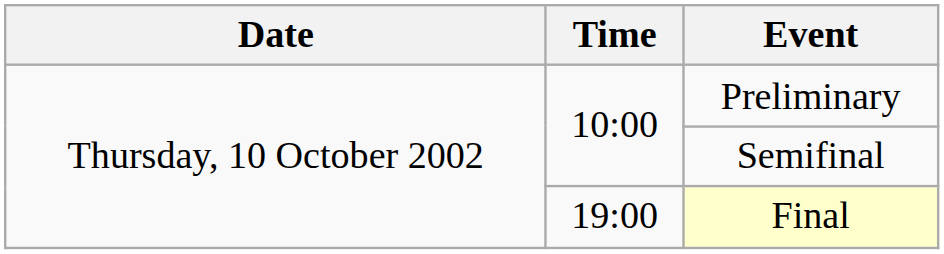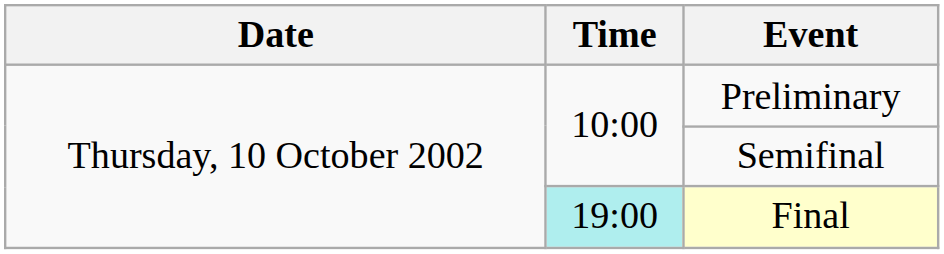 <table class = "wikitable" style="text-align:center;">
 <tr>
 <th width=220>Date</th>
 <th width=50>Time</th>
 <th width=100>Event</th>
 </tr>
 <tr>
 <td rowspan=3>Thursday, 10 October 2002</td>
 <td rowspan=2>10:00</td>
 <td>Preliminary</td>
 </tr>
 <tr>
 <td>Semifinal</td>
 </tr>
 <tr>
-<td>19:00</td>
+<td style="background: paleturquoise;">19:00</td>
 <td bgcolor=ffffcc>Final</td>
 </tr>
 </table>
